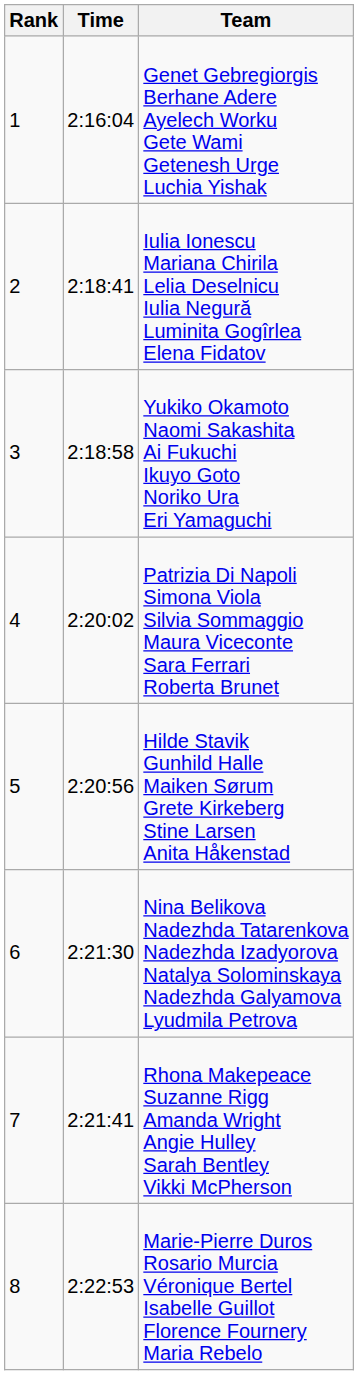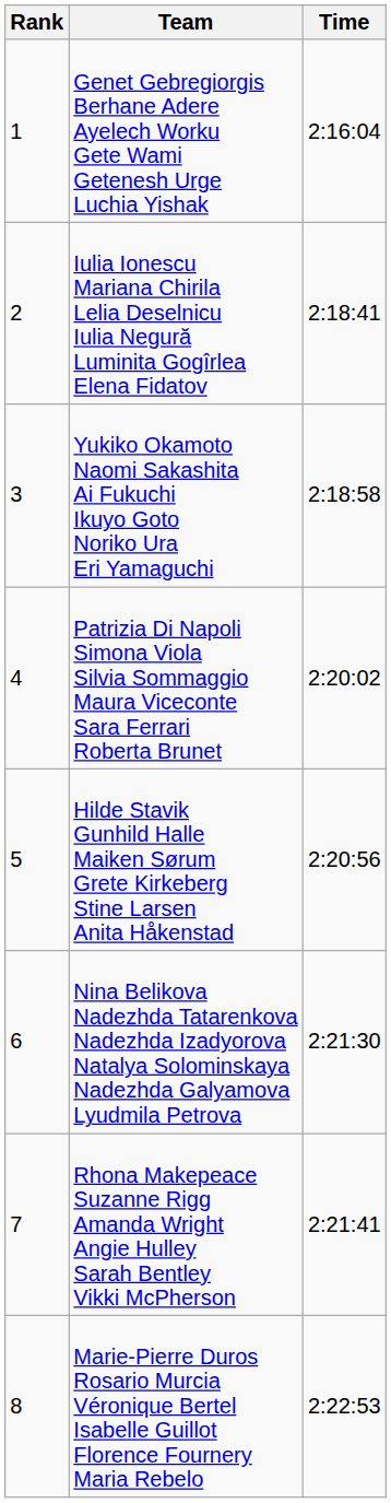 <table class=wikitable>
 <tr>
 <th>Rank</th>
+<th>Team</th>
 <th>Time</th>
-<th>Team</th>
 </tr>
 <tr>
 <td>1</td>
+<td><br><a href='#'>Genet Gebregiorgis</a><br><a href='#'>Berhane Adere</a><br><a href='#'>Ayelech Worku</a><br><a href='#'>Gete Wami</a><br><a href='#'>Getenesh Urge</a><br><a href='#'>Luchia Yishak</a></td>
 <td>2:16:04</td>
-<td><br><a href='#'>Genet Gebregiorgis</a><br><a href='#'>Berhane Adere</a><br><a href='#'>Ayelech Worku</a><br><a href='#'>Gete Wami</a><br><a href='#'>Getenesh Urge</a><br><a href='#'>Luchia Yishak</a></td>
 </tr>
 <tr>
 <td>2</td>
+<td><br><a href='#'>Iulia Ionescu</a><br><a href='#'>Mariana Chirila</a><br><a href='#'>Lelia Deselnicu</a><br><a href='#'>Iulia Negură</a><br><a href='#'>Luminita Gogîrlea</a><br><a href='#'>Elena Fidatov</a></td>
 <td>2:18:41</td>
-<td><br><a href='#'>Iulia Ionescu</a><br><a href='#'>Mariana Chirila</a><br><a href='#'>Lelia Deselnicu</a><br><a href='#'>Iulia Negură</a><br><a href='#'>Luminita Gogîrlea</a><br><a href='#'>Elena Fidatov</a></td>
 </tr>
 <tr>
 <td>3</td>
+<td><br><a href='#'>Yukiko Okamoto</a><br><a href='#'>Naomi Sakashita</a><br><a href='#'>Ai Fukuchi</a><br><a href='#'>Ikuyo Goto</a><br><a href='#'>Noriko Ura</a><br><a href='#'>Eri Yamaguchi</a></td>
 <td>2:18:58</td>
-<td><br><a href='#'>Yukiko Okamoto</a><br><a href='#'>Naomi Sakashita</a><br><a href='#'>Ai Fukuchi</a><br><a href='#'>Ikuyo Goto</a><br><a href='#'>Noriko Ura</a><br><a href='#'>Eri Yamaguchi</a></td>
 </tr>
 <tr>
 <td>4</td>
+<td><br><a href='#'>Patrizia Di Napoli</a><br><a href='#'>Simona Viola</a><br><a href='#'>Silvia Sommaggio</a><br><a href='#'>Maura Viceconte</a><br><a href='#'>Sara Ferrari</a><br><a href='#'>Roberta Brunet</a></td>
 <td>2:20:02</td>
-<td><br><a href='#'>Patrizia Di Napoli</a><br><a href='#'>Simona Viola</a><br><a href='#'>Silvia Sommaggio</a><br><a href='#'>Maura Viceconte</a><br><a href='#'>Sara Ferrari</a><br><a href='#'>Roberta Brunet</a></td>
 </tr>
 <tr>
 <td>5</td>
+<td><br><a href='#'>Hilde Stavik</a><br><a href='#'>Gunhild Halle</a><br><a href='#'>Maiken Sørum</a><br><a href='#'>Grete Kirkeberg</a><br><a href='#'>Stine Larsen</a><br><a href='#'>Anita Håkenstad</a></td>
 <td>2:20:56</td>
-<td><br><a href='#'>Hilde Stavik</a><br><a href='#'>Gunhild Halle</a><br><a href='#'>Maiken Sørum</a><br><a href='#'>Grete Kirkeberg</a><br><a href='#'>Stine Larsen</a><br><a href='#'>Anita Håkenstad</a></td>
 </tr>
 <tr>
 <td>6</td>
+<td><br><a href='#'>Nina Belikova</a><br><a href='#'>Nadezhda Tatarenkova</a><br><a href='#'>Nadezhda Izadyorova</a><br><a href='#'>Natalya Solominskaya</a><br><a href='#'>Nadezhda Galyamova</a><br><a href='#'>Lyudmila Petrova</a></td>
 <td>2:21:30</td>
-<td><br><a href='#'>Nina Belikova</a><br><a href='#'>Nadezhda Tatarenkova</a><br><a href='#'>Nadezhda Izadyorova</a><br><a href='#'>Natalya Solominskaya</a><br><a href='#'>Nadezhda Galyamova</a><br><a href='#'>Lyudmila Petrova</a></td>
 </tr>
 <tr>
 <td>7</td>
+<td><br><a href='#'>Rhona Makepeace</a><br><a href='#'>Suzanne Rigg</a><br><a href='#'>Amanda Wright</a><br><a href='#'>Angie Hulley</a><br><a href='#'>Sarah Bentley</a><br><a href='#'>Vikki McPherson</a></td>
 <td>2:21:41</td>
-<td><br><a href='#'>Rhona Makepeace</a><br><a href='#'>Suzanne Rigg</a><br><a href='#'>Amanda Wright</a><br><a href='#'>Angie Hulley</a><br><a href='#'>Sarah Bentley</a><br><a href='#'>Vikki McPherson</a></td>
 </tr>
 <tr>
 <td>8</td>
+<td><br><a href='#'>Marie-Pierre Duros</a><br><a href='#'>Rosario Murcia</a><br><a href='#'>Véronique Bertel</a><br><a href='#'>Isabelle Guillot</a><br><a href='#'>Florence Fournery</a><br><a href='#'>Maria Rebelo</a></td>
 <td>2:22:53</td>
-<td><br><a href='#'>Marie-Pierre Duros</a><br><a href='#'>Rosario Murcia</a><br><a href='#'>Véronique Bertel</a><br><a href='#'>Isabelle Guillot</a><br><a href='#'>Florence Fournery</a><br><a href='#'>Maria Rebelo</a></td>
 </tr>
 </table>
